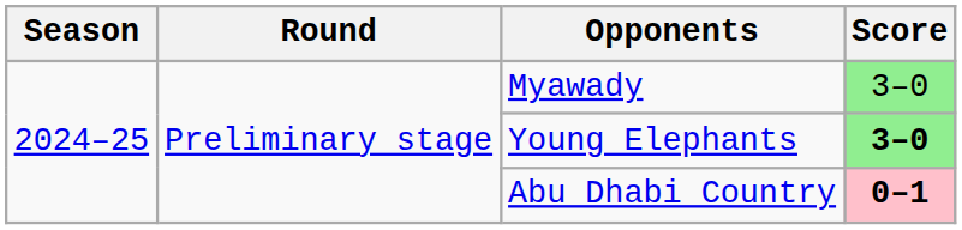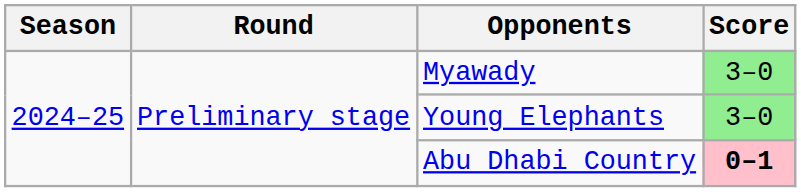 <table class="wikitable mw-collapsible mw-collapsed" align=center cellspacing="0" cellpadding="3" style="border:1px solid #AAAAAA;font-size:90%">
 <tr>
 <th>Season</th>
 <th>Round</th>
 <th>Opponents</th>
 <th>Score</th>
 </tr>
 <tr>
 <td rowspan="3"><a href='#'>2024–25</a></td>
 <td rowspan="3"><a href='#'>Preliminary stage</a></td>
 <td> <a href='#'>Myawady</a></td>
 <td style="text-align:center;"bgcolor=lightgreen>3–0</td>
 </tr>
 <tr>
 <td> <a href='#'>Young Elephants</a></td>
-<td style="text-align:center;"bgcolor=lightgreen><strong>3–0</strong></td>
+<td style="text-align:center;"bgcolor=lightgreen>3–0</td>
 </tr>
 <tr>
 <td> <a href='#'>Abu Dhabi Country</a></td>
 <td style="text-align:center;"bgcolor=pink><strong>0–1</strong></td>
 </tr>
 </table>
